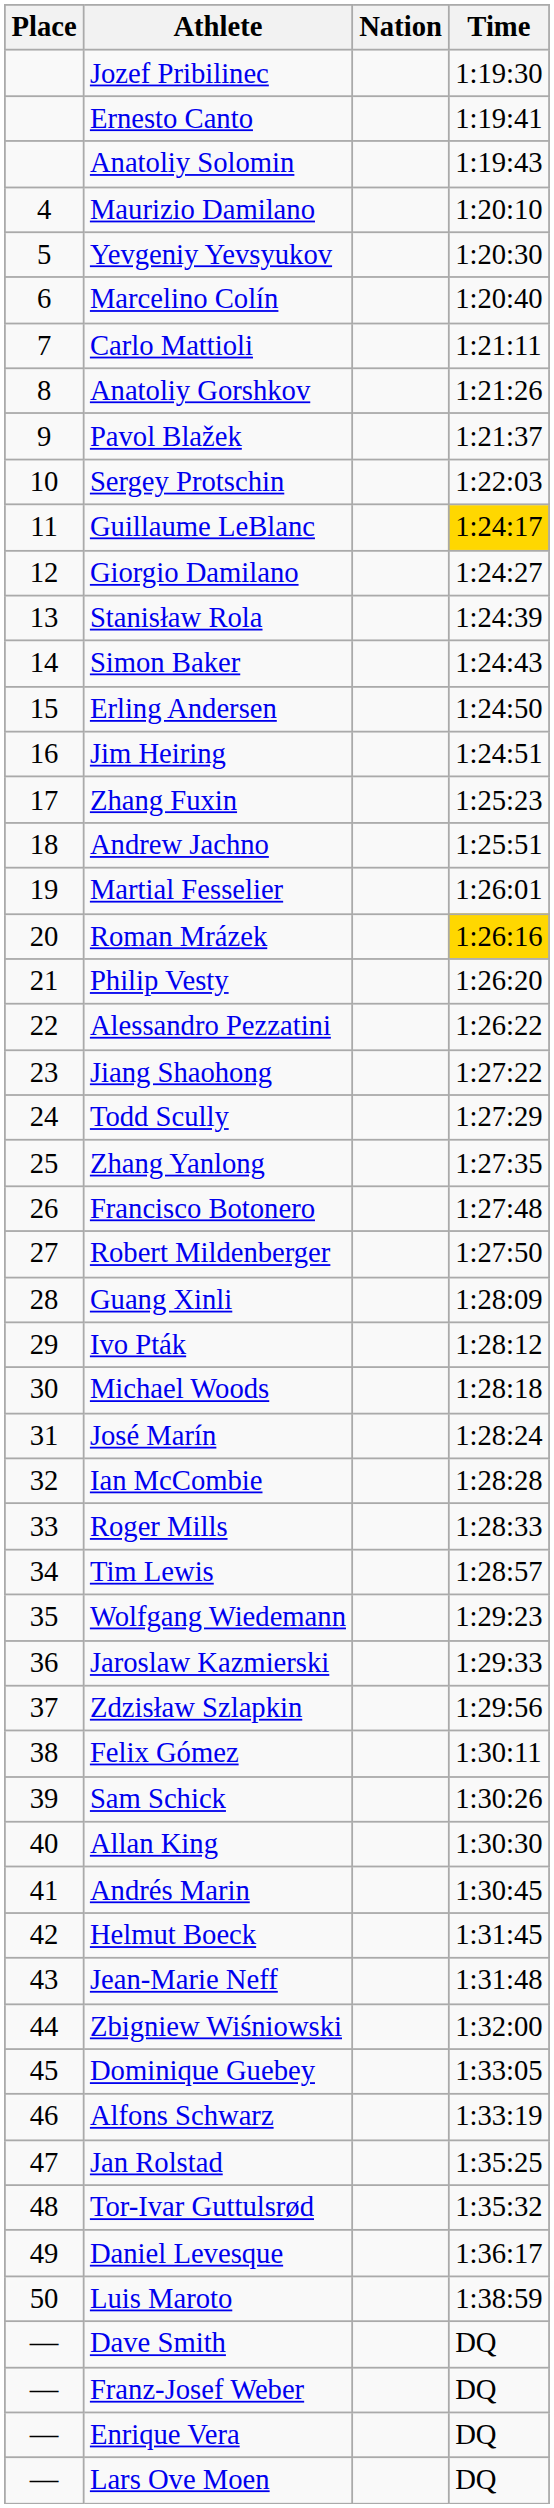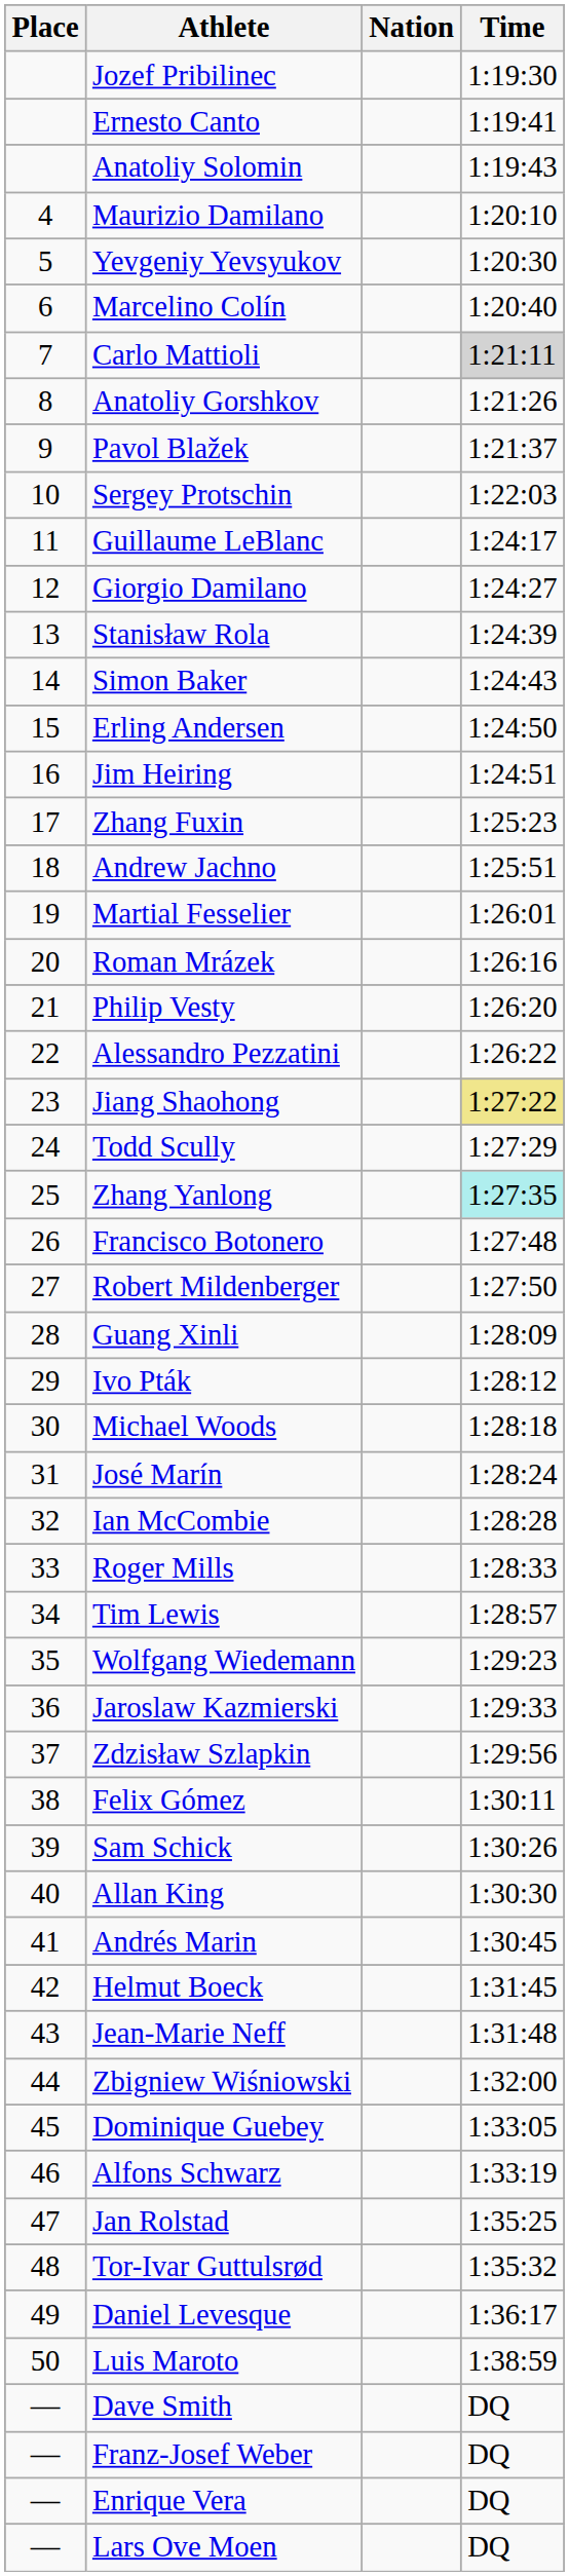 <table class=wikitable>
 <tr>
 <th>Place</th>
 <th>Athlete</th>
 <th>Nation</th>
 <th>Time</th>
 </tr>
 <tr>
 <td align=center></td>
 <td><a href='#'>Jozef Pribilinec</a></td>
 <td></td>
 <td>1:19:30</td>
 </tr>
 <tr>
 <td align=center></td>
 <td><a href='#'>Ernesto Canto</a></td>
 <td></td>
 <td>1:19:41</td>
 </tr>
 <tr>
 <td align=center></td>
 <td><a href='#'>Anatoliy Solomin</a></td>
 <td></td>
 <td>1:19:43</td>
 </tr>
 <tr>
 <td align=center>4</td>
 <td><a href='#'>Maurizio Damilano</a></td>
 <td></td>
 <td>1:20:10</td>
 </tr>
 <tr>
 <td align=center>5</td>
 <td><a href='#'>Yevgeniy Yevsyukov</a></td>
 <td></td>
 <td>1:20:30</td>
 </tr>
 <tr>
 <td align=center>6</td>
 <td><a href='#'>Marcelino Colín</a></td>
 <td></td>
 <td>1:20:40</td>
 </tr>
 <tr>
 <td align=center>7</td>
 <td><a href='#'>Carlo Mattioli</a></td>
 <td></td>
-<td>1:21:11</td>
+<td style="background: lightgrey;">1:21:11</td>
 </tr>
 <tr>
 <td align=center>8</td>
 <td><a href='#'>Anatoliy Gorshkov</a></td>
 <td></td>
 <td>1:21:26</td>
 </tr>
 <tr>
 <td align=center>9</td>
 <td><a href='#'>Pavol Blažek</a></td>
 <td></td>
 <td>1:21:37</td>
 </tr>
 <tr>
 <td align=center>10</td>
 <td><a href='#'>Sergey Protschin</a></td>
 <td></td>
 <td>1:22:03</td>
 </tr>
 <tr>
 <td align=center>11</td>
 <td><a href='#'>Guillaume LeBlanc</a></td>
 <td></td>
-<td style="background: gold;">1:24:17</td>
+<td>1:24:17</td>
 </tr>
 <tr>
 <td align=center>12</td>
 <td><a href='#'>Giorgio Damilano</a></td>
 <td></td>
 <td>1:24:27</td>
 </tr>
 <tr>
 <td align=center>13</td>
 <td><a href='#'>Stanisław Rola</a></td>
 <td></td>
 <td>1:24:39</td>
 </tr>
 <tr>
 <td align=center>14</td>
 <td><a href='#'>Simon Baker</a></td>
 <td></td>
 <td>1:24:43</td>
 </tr>
 <tr>
 <td align=center>15</td>
 <td><a href='#'>Erling Andersen</a></td>
 <td></td>
 <td>1:24:50</td>
 </tr>
 <tr>
 <td align=center>16</td>
 <td><a href='#'>Jim Heiring</a></td>
 <td></td>
 <td>1:24:51</td>
 </tr>
 <tr>
 <td align=center>17</td>
 <td><a href='#'>Zhang Fuxin</a></td>
 <td></td>
 <td>1:25:23</td>
 </tr>
 <tr>
 <td align=center>18</td>
 <td><a href='#'>Andrew Jachno</a></td>
 <td></td>
 <td>1:25:51</td>
 </tr>
 <tr>
 <td align=center>19</td>
 <td><a href='#'>Martial Fesselier</a></td>
 <td></td>
 <td>1:26:01</td>
 </tr>
 <tr>
 <td align=center>20</td>
 <td><a href='#'>Roman Mrázek</a></td>
 <td></td>
-<td style="background: gold;">1:26:16</td>
+<td>1:26:16</td>
 </tr>
 <tr>
 <td align=center>21</td>
 <td><a href='#'>Philip Vesty</a></td>
 <td></td>
 <td>1:26:20</td>
 </tr>
 <tr>
 <td align=center>22</td>
 <td><a href='#'>Alessandro Pezzatini</a></td>
 <td></td>
 <td>1:26:22</td>
 </tr>
 <tr>
 <td align=center>23</td>
 <td><a href='#'>Jiang Shaohong</a></td>
 <td></td>
-<td>1:27:22</td>
+<td style="background: khaki;">1:27:22</td>
 </tr>
 <tr>
 <td align=center>24</td>
 <td><a href='#'>Todd Scully</a></td>
 <td></td>
 <td>1:27:29</td>
 </tr>
 <tr>
 <td align=center>25</td>
 <td><a href='#'>Zhang Yanlong</a></td>
 <td></td>
-<td>1:27:35</td>
+<td style="background: paleturquoise;">1:27:35</td>
 </tr>
 <tr>
 <td align=center>26</td>
 <td><a href='#'>Francisco Botonero</a></td>
 <td></td>
 <td>1:27:48</td>
 </tr>
 <tr>
 <td align=center>27</td>
 <td><a href='#'>Robert Mildenberger</a></td>
 <td></td>
 <td>1:27:50</td>
 </tr>
 <tr>
 <td align=center>28</td>
 <td><a href='#'>Guang Xinli</a></td>
 <td></td>
 <td>1:28:09</td>
 </tr>
 <tr>
 <td align=center>29</td>
 <td><a href='#'>Ivo Pták</a></td>
 <td></td>
 <td>1:28:12</td>
 </tr>
 <tr>
 <td align=center>30</td>
 <td><a href='#'>Michael Woods</a></td>
 <td></td>
 <td>1:28:18</td>
 </tr>
 <tr>
 <td align=center>31</td>
 <td><a href='#'>José Marín</a></td>
 <td></td>
 <td>1:28:24</td>
 </tr>
 <tr>
 <td align=center>32</td>
 <td><a href='#'>Ian McCombie</a></td>
 <td></td>
 <td>1:28:28</td>
 </tr>
 <tr>
 <td align=center>33</td>
 <td><a href='#'>Roger Mills</a></td>
 <td></td>
 <td>1:28:33</td>
 </tr>
 <tr>
 <td align=center>34</td>
 <td><a href='#'>Tim Lewis</a></td>
 <td></td>
 <td>1:28:57</td>
 </tr>
 <tr>
 <td align=center>35</td>
 <td><a href='#'>Wolfgang Wiedemann</a></td>
 <td></td>
 <td>1:29:23</td>
 </tr>
 <tr>
 <td align=center>36</td>
 <td><a href='#'>Jaroslaw Kazmierski</a></td>
 <td></td>
 <td>1:29:33</td>
 </tr>
 <tr>
 <td align=center>37</td>
 <td><a href='#'>Zdzisław Szlapkin</a></td>
 <td></td>
 <td>1:29:56</td>
 </tr>
 <tr>
 <td align=center>38</td>
 <td><a href='#'>Felix Gómez</a></td>
 <td></td>
 <td>1:30:11</td>
 </tr>
 <tr>
 <td align=center>39</td>
 <td><a href='#'>Sam Schick</a></td>
 <td></td>
 <td>1:30:26</td>
 </tr>
 <tr>
 <td align=center>40</td>
 <td><a href='#'>Allan King</a></td>
 <td></td>
 <td>1:30:30</td>
 </tr>
 <tr>
 <td align=center>41</td>
 <td><a href='#'>Andrés Marin</a></td>
 <td></td>
 <td>1:30:45</td>
 </tr>
 <tr>
 <td align=center>42</td>
 <td><a href='#'>Helmut Boeck</a></td>
 <td></td>
 <td>1:31:45</td>
 </tr>
 <tr>
 <td align=center>43</td>
 <td><a href='#'>Jean-Marie Neff</a></td>
 <td></td>
 <td>1:31:48</td>
 </tr>
 <tr>
 <td align=center>44</td>
 <td><a href='#'>Zbigniew Wiśniowski</a></td>
 <td></td>
 <td>1:32:00</td>
 </tr>
 <tr>
 <td align=center>45</td>
 <td><a href='#'>Dominique Guebey</a></td>
 <td></td>
 <td>1:33:05</td>
 </tr>
 <tr>
 <td align=center>46</td>
 <td><a href='#'>Alfons Schwarz</a></td>
 <td></td>
 <td>1:33:19</td>
 </tr>
 <tr>
 <td align=center>47</td>
 <td><a href='#'>Jan Rolstad</a></td>
 <td></td>
 <td>1:35:25</td>
 </tr>
 <tr>
 <td align=center>48</td>
 <td><a href='#'>Tor-Ivar Guttulsrød</a></td>
 <td></td>
 <td>1:35:32</td>
 </tr>
 <tr>
 <td align=center>49</td>
 <td><a href='#'>Daniel Levesque</a></td>
 <td></td>
 <td>1:36:17</td>
 </tr>
 <tr>
 <td align=center>50</td>
 <td><a href='#'>Luis Maroto</a></td>
 <td></td>
 <td>1:38:59</td>
 </tr>
 <tr>
 <td align=center>—</td>
 <td><a href='#'>Dave Smith</a></td>
 <td></td>
 <td>DQ</td>
 </tr>
 <tr>
 <td align=center>—</td>
 <td><a href='#'>Franz-Josef Weber</a></td>
 <td></td>
 <td>DQ</td>
 </tr>
 <tr>
 <td align=center>—</td>
 <td><a href='#'>Enrique Vera</a></td>
 <td></td>
 <td>DQ</td>
 </tr>
 <tr>
 <td align=center>—</td>
 <td><a href='#'>Lars Ove Moen</a></td>
 <td></td>
 <td>DQ</td>
 </tr>
 </table>
